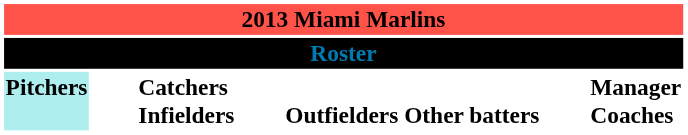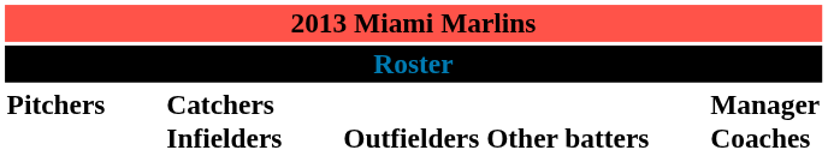 <table class="toccolours" style="font-size: 95%;">
 <tr>
 <th colspan="10" style="background:#FF5349; color:black; text-align:center;">2013 Miami Marlins</th>
 </tr>
 <tr>
 <td colspan="10" style="background:black; color:#007BB2;  text-align:center;"><strong>Roster</strong></td>
 </tr>
 <tr>
-<td valign="top" style="background: paleturquoise;"><strong>Pitchers</strong><br>                         </td>
+<td valign="top"><strong>Pitchers</strong><br>                         </td>
 <td style="width:25px;"></td>
 <td valign="top"><strong>Catchers</strong><br>     <strong>Infielders</strong>            </td>
 <td style="width:25px;"></td>
 <td valign="top"><br><strong>Outfielders</strong>          <strong>Other batters</strong> </td>
 <td style="width:25px;"></td>
 <td valign="top"><strong>Manager</strong><br> <strong>Coaches</strong>                 </td>
 </tr>
 </table>
